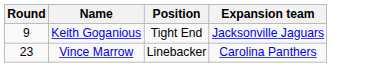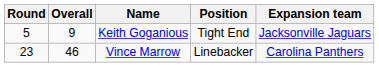 <table class="wikitable" style="text-align:center">
 <tr>
 <th>Round</th>
+<th>Overall</th>
 <th>Name</th>
 <th>Position</th>
 <th>Expansion team</th>
 </tr>
 <tr>
+<td>5</td>
 <td>9</td>
 <td><a href='#'>Keith Goganious</a></td>
 <td>Tight End</td>
 <td><a href='#'>Jacksonville Jaguars</a></td>
 </tr>
 <tr>
 <td>23</td>
+<td>46</td>
 <td><a href='#'>Vince Marrow</a></td>
 <td>Linebacker</td>
 <td><a href='#'>Carolina Panthers</a></td>
 </tr>
 </table>
